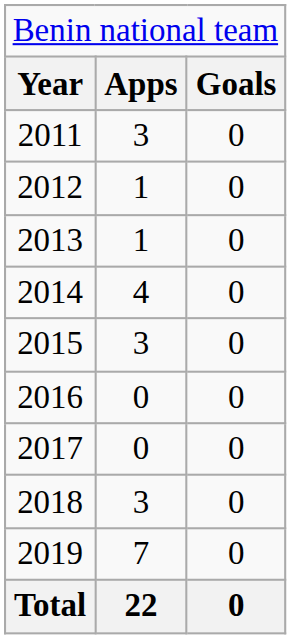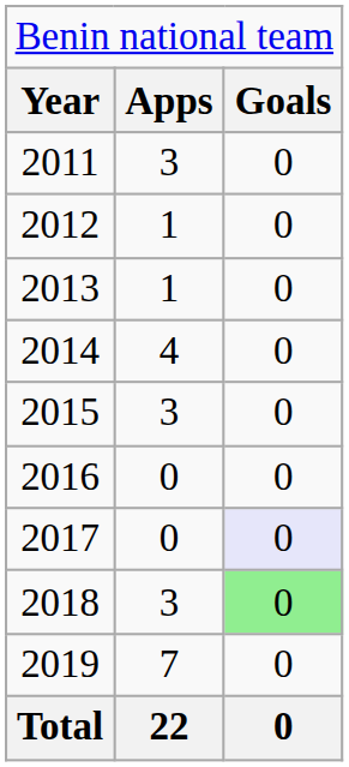 <table class="wikitable" style="text-align:center">
 <tr>
 <td colspan="3"><a href='#'>Benin national team</a></td>
 </tr>
 <tr>
 <th>Year</th>
 <th>Apps</th>
 <th>Goals</th>
 </tr>
 <tr>
 <td>2011</td>
 <td>3</td>
 <td>0</td>
 </tr>
 <tr>
 <td>2012</td>
 <td>1</td>
 <td>0</td>
 </tr>
 <tr>
 <td>2013</td>
 <td>1</td>
 <td>0</td>
 </tr>
 <tr>
 <td>2014</td>
 <td>4</td>
 <td>0</td>
 </tr>
 <tr>
 <td>2015</td>
 <td>3</td>
 <td>0</td>
 </tr>
 <tr>
 <td>2016</td>
 <td>0</td>
 <td>0</td>
 </tr>
 <tr>
 <td>2017</td>
 <td>0</td>
-<td>0</td>
+<td style="background: lavender;">0</td>
 </tr>
 <tr>
 <td>2018</td>
 <td>3</td>
-<td>0</td>
+<td style="background: lightgreen;">0</td>
 </tr>
 <tr>
 <td>2019</td>
 <td>7</td>
 <td>0</td>
 </tr>
 <tr>
 <th>Total</th>
 <th>22</th>
 <th>0</th>
 </tr>
 </table>
